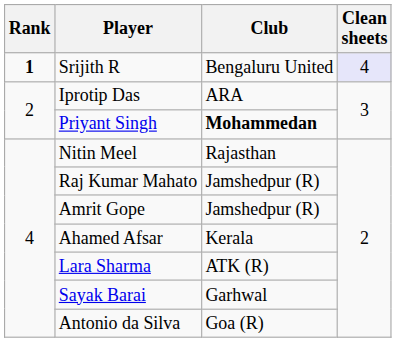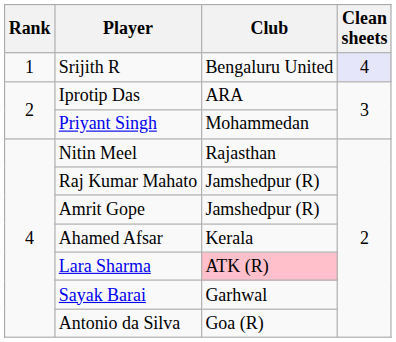 <table class="wikitable" style="text-align:center">
 <tr>
 <th>Rank</th>
 <th>Player</th>
 <th>Club</th>
 <th>Clean<br>sheets</th>
 </tr>
 <tr>
-<td><strong>1</strong></td>
+<td>1</td>
 <td align="left"> Srijith R</td>
 <td align="left">Bengaluru United</td>
 <td style="background: lavender;">4</td>
 </tr>
 <tr>
 <td rowspan="2">2</td>
 <td align="left"> Iprotip Das</td>
 <td align="left">ARA</td>
 <td rowspan="2">3</td>
 </tr>
 <tr>
 <td align="left"> <a href='#'>Priyant Singh</a></td>
-<td align="left"><strong>Mohammedan</strong></td>
+<td align="left">Mohammedan</td>
 </tr>
 <tr>
 <td rowspan="7">4</td>
 <td align="left"> Nitin Meel</td>
 <td align="left">Rajasthan</td>
 <td rowspan="7">2</td>
 </tr>
 <tr>
 <td align="left"> Raj Kumar Mahato</td>
 <td align="left">Jamshedpur (R)</td>
 </tr>
 <tr>
 <td align="left"> Amrit Gope</td>
 <td align="left">Jamshedpur (R)</td>
 </tr>
 <tr>
 <td align="left"> Ahamed Afsar</td>
 <td align="left">Kerala</td>
 </tr>
 <tr>
 <td align="left"> <a href='#'>Lara Sharma</a></td>
-<td align="left">ATK (R)</td>
+<td align="left" style="background: pink;">ATK (R)</td>
 </tr>
 <tr>
 <td align="left"> <a href='#'>Sayak Barai</a></td>
 <td align="left">Garhwal</td>
 </tr>
 <tr>
 <td align="left"> Antonio da Silva</td>
 <td align="left">Goa (R)</td>
 </tr>
 </table>
